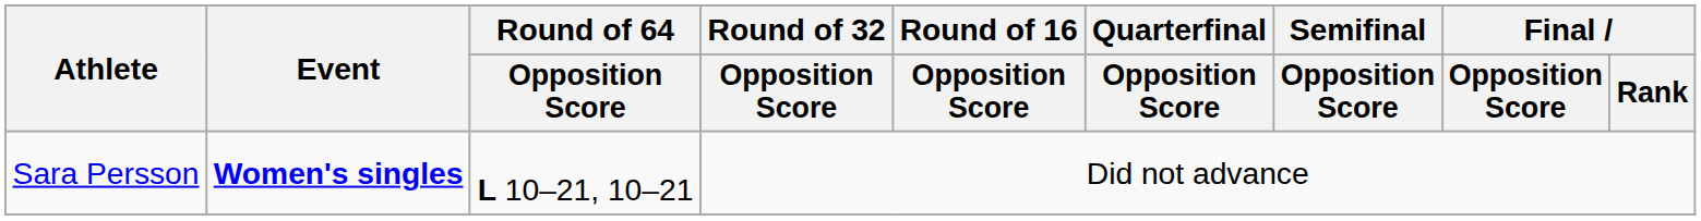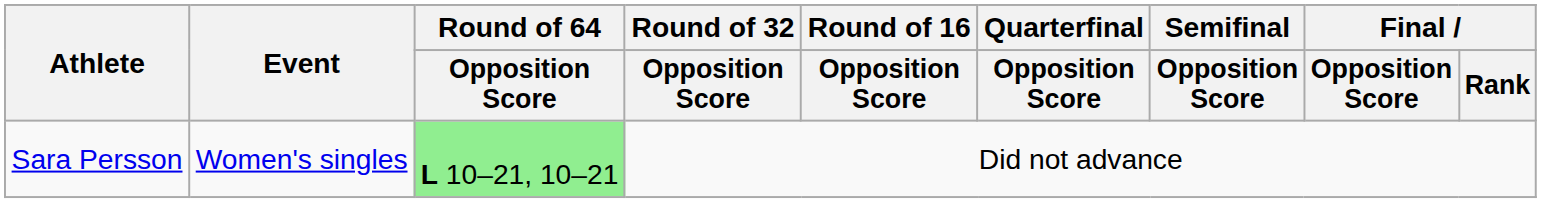 <table class=wikitable style="font-size:90%">
 <tr>
 <th rowspan="2">Athlete</th>
 <th rowspan="2">Event</th>
 <th>Round of 64</th>
 <th>Round of 32</th>
 <th>Round of 16</th>
 <th>Quarterfinal</th>
 <th>Semifinal</th>
 <th colspan=2>Final / </th>
 </tr>
 <tr style="font-size:95%">
 <th>Opposition<br>Score</th>
 <th>Opposition<br>Score</th>
 <th>Opposition<br>Score</th>
 <th>Opposition<br>Score</th>
 <th>Opposition<br>Score</th>
 <th>Opposition<br>Score</th>
 <th>Rank</th>
 </tr>
 <tr align=center>
 <td align=left><a href='#'>Sara Persson</a></td>
-<td align=left><strong><a href='#'>Women's singles</a></strong></td>
-<td><br><strong>L</strong> 10–21, 10–21</td>
+<td align=left><a href='#'>Women's singles</a></td>
+<td style="background: lightgreen;"><br><strong>L</strong> 10–21, 10–21</td>
 <td colspan=6>Did not advance</td>
 </tr>
 </table>
